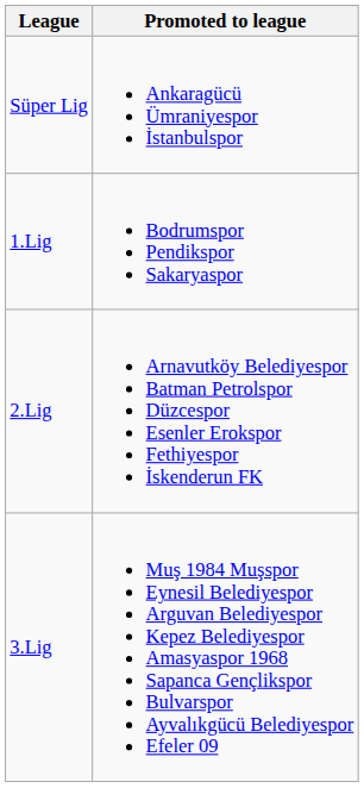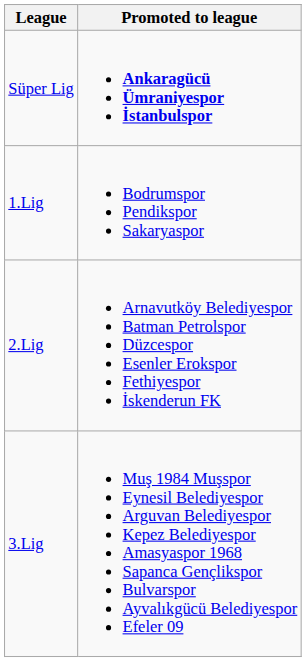 <table class="wikitable">
 <tr>
 <th>League</th>
 <th>Promoted to league</th>
 </tr>
 <tr>
 <td><a href='#'>Süper Lig</a></td>
-<td><br><ul><li><a href='#'>Ankaragücü</a></li><li><a href='#'>Ümraniyespor</a></li><li><a href='#'>İstanbulspor</a></li></ul></td>
+<td><strong><br><ul><li><a href='#'>Ankaragücü</a></li><li><a href='#'>Ümraniyespor</a></li><li><a href='#'>İstanbulspor</a></li></ul></strong></td>
 </tr>
 <tr>
 <td><a href='#'>1.Lig</a></td>
 <td><br><ul><li><a href='#'>Bodrumspor</a></li><li><a href='#'>Pendikspor</a></li><li><a href='#'>Sakaryaspor</a></li></ul></td>
 </tr>
 <tr>
 <td><a href='#'>2.Lig</a></td>
 <td><br><ul><li><a href='#'>Arnavutköy Belediyespor</a></li><li><a href='#'>Batman Petrolspor</a></li><li><a href='#'>Düzcespor</a></li><li><a href='#'>Esenler Erokspor</a></li><li><a href='#'>Fethiyespor</a></li><li><a href='#'>İskenderun FK</a></li></ul></td>
 </tr>
 <tr>
 <td><a href='#'>3.Lig</a></td>
 <td><br><ul><li><a href='#'>Muş 1984 Muşspor</a></li><li><a href='#'>Eynesil Belediyespor</a></li><li><a href='#'>Arguvan Belediyespor</a></li><li><a href='#'>Kepez Belediyespor</a></li><li><a href='#'>Amasyaspor 1968</a></li><li><a href='#'>Sapanca Gençlikspor</a></li><li><a href='#'>Bulvarspor</a></li><li><a href='#'>Ayvalıkgücü Belediyespor</a></li><li><a href='#'>Efeler 09</a></li></ul></td>
 </tr>
 </table>
